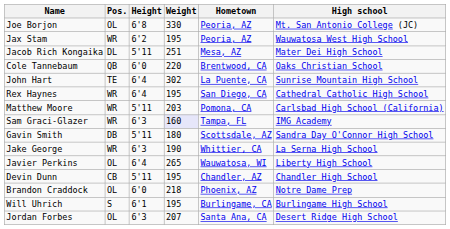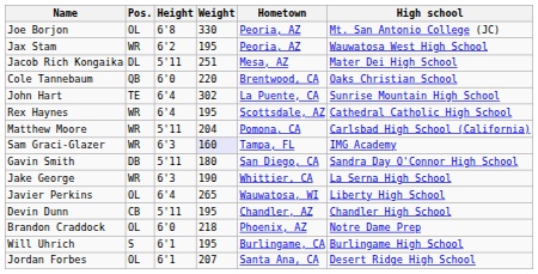 <table class="wikitable sortable">
 <tr>
 <th style="text-align:center; ">Name</th>
 <th style="text-align:center; ">Pos.</th>
 <th style="text-align:center; ">Height</th>
 <th style="text-align:center; ">Weight</th>
 <th style="text-align:center; ">Hometown</th>
 <th style="text-align:center; ">High school</th>
 </tr>
 <tr>
 <td>Joe Borjon</td>
 <td>OL</td>
 <td>6'8</td>
 <td>330</td>
 <td><a href='#'>Peoria, AZ</a></td>
 <td><a href='#'>Mt. San Antonio College</a> (JC)</td>
 </tr>
 <tr>
 <td>Jax Stam</td>
 <td>WR</td>
 <td>6'2</td>
 <td>195</td>
 <td><a href='#'>Peoria, AZ</a></td>
 <td><a href='#'>Wauwatosa West High School</a></td>
 </tr>
 <tr>
 <td>Jacob Rich Kongaika</td>
 <td>DL</td>
 <td>5'11</td>
 <td>251</td>
 <td><a href='#'>Mesa, AZ</a></td>
 <td><a href='#'>Mater Dei High School</a></td>
 </tr>
 <tr>
 <td>Cole Tannebaum</td>
 <td>QB</td>
 <td>6'0</td>
 <td>220</td>
 <td><a href='#'>Brentwood, CA</a></td>
 <td><a href='#'>Oaks Christian School</a></td>
 </tr>
 <tr>
 <td>John Hart</td>
 <td>TE</td>
 <td>6'4</td>
 <td>302</td>
 <td><a href='#'>La Puente, CA</a></td>
 <td><a href='#'>Sunrise Mountain High School</a></td>
 </tr>
 <tr>
 <td>Rex Haynes</td>
 <td>WR</td>
 <td>6'4</td>
 <td>195</td>
-<td><a href='#'>San Diego, CA</a></td>
+<td><a href='#'>Scottsdale, AZ</a></td>
 <td><a href='#'>Cathedral Catholic High School</a></td>
 </tr>
 <tr>
 <td>Matthew Moore</td>
 <td>WR</td>
 <td>5'11</td>
-<td>203</td>
+<td>204</td>
 <td><a href='#'>Pomona, CA</a></td>
 <td><a href='#'>Carlsbad High School (California)</a></td>
 </tr>
 <tr>
 <td>Sam Graci-Glazer</td>
 <td>WR</td>
 <td>6'3</td>
 <td style="background: lavender;">160</td>
 <td><a href='#'>Tampa, FL</a></td>
 <td><a href='#'>IMG Academy</a></td>
 </tr>
 <tr>
 <td>Gavin Smith</td>
 <td>DB</td>
 <td>5'11</td>
 <td>180</td>
-<td><a href='#'>Scottsdale, AZ</a></td>
+<td><a href='#'>San Diego, CA</a></td>
 <td><a href='#'>Sandra Day O'Connor High School</a></td>
 </tr>
 <tr>
 <td>Jake George</td>
 <td>WR</td>
 <td>6'3</td>
 <td>190</td>
 <td><a href='#'>Whittier, CA</a></td>
 <td><a href='#'>La Serna High School</a></td>
 </tr>
 <tr>
 <td>Javier Perkins</td>
 <td>OL</td>
 <td>6'4</td>
 <td>265</td>
 <td><a href='#'>Wauwatosa, WI</a></td>
 <td><a href='#'>Liberty High School</a></td>
 </tr>
 <tr>
 <td>Devin Dunn</td>
 <td>CB</td>
 <td>5'11</td>
 <td>195</td>
 <td><a href='#'>Chandler, AZ</a></td>
 <td><a href='#'>Chandler High School</a></td>
 </tr>
 <tr>
 <td>Brandon Craddock</td>
 <td>OL</td>
 <td>6'0</td>
 <td>218</td>
 <td><a href='#'>Phoenix, AZ</a></td>
 <td><a href='#'>Notre Dame Prep</a></td>
 </tr>
 <tr>
 <td>Will Uhrich</td>
 <td>S</td>
 <td>6'1</td>
 <td>195</td>
 <td><a href='#'>Burlingame, CA</a></td>
 <td><a href='#'>Burlingame High School</a></td>
 </tr>
 <tr>
 <td>Jordan Forbes</td>
 <td>OL</td>
-<td>6'3</td>
+<td>6'1</td>
 <td>207</td>
 <td><a href='#'>Santa Ana, CA</a></td>
 <td><a href='#'>Desert Ridge High School</a></td>
 </tr>
 </table>
